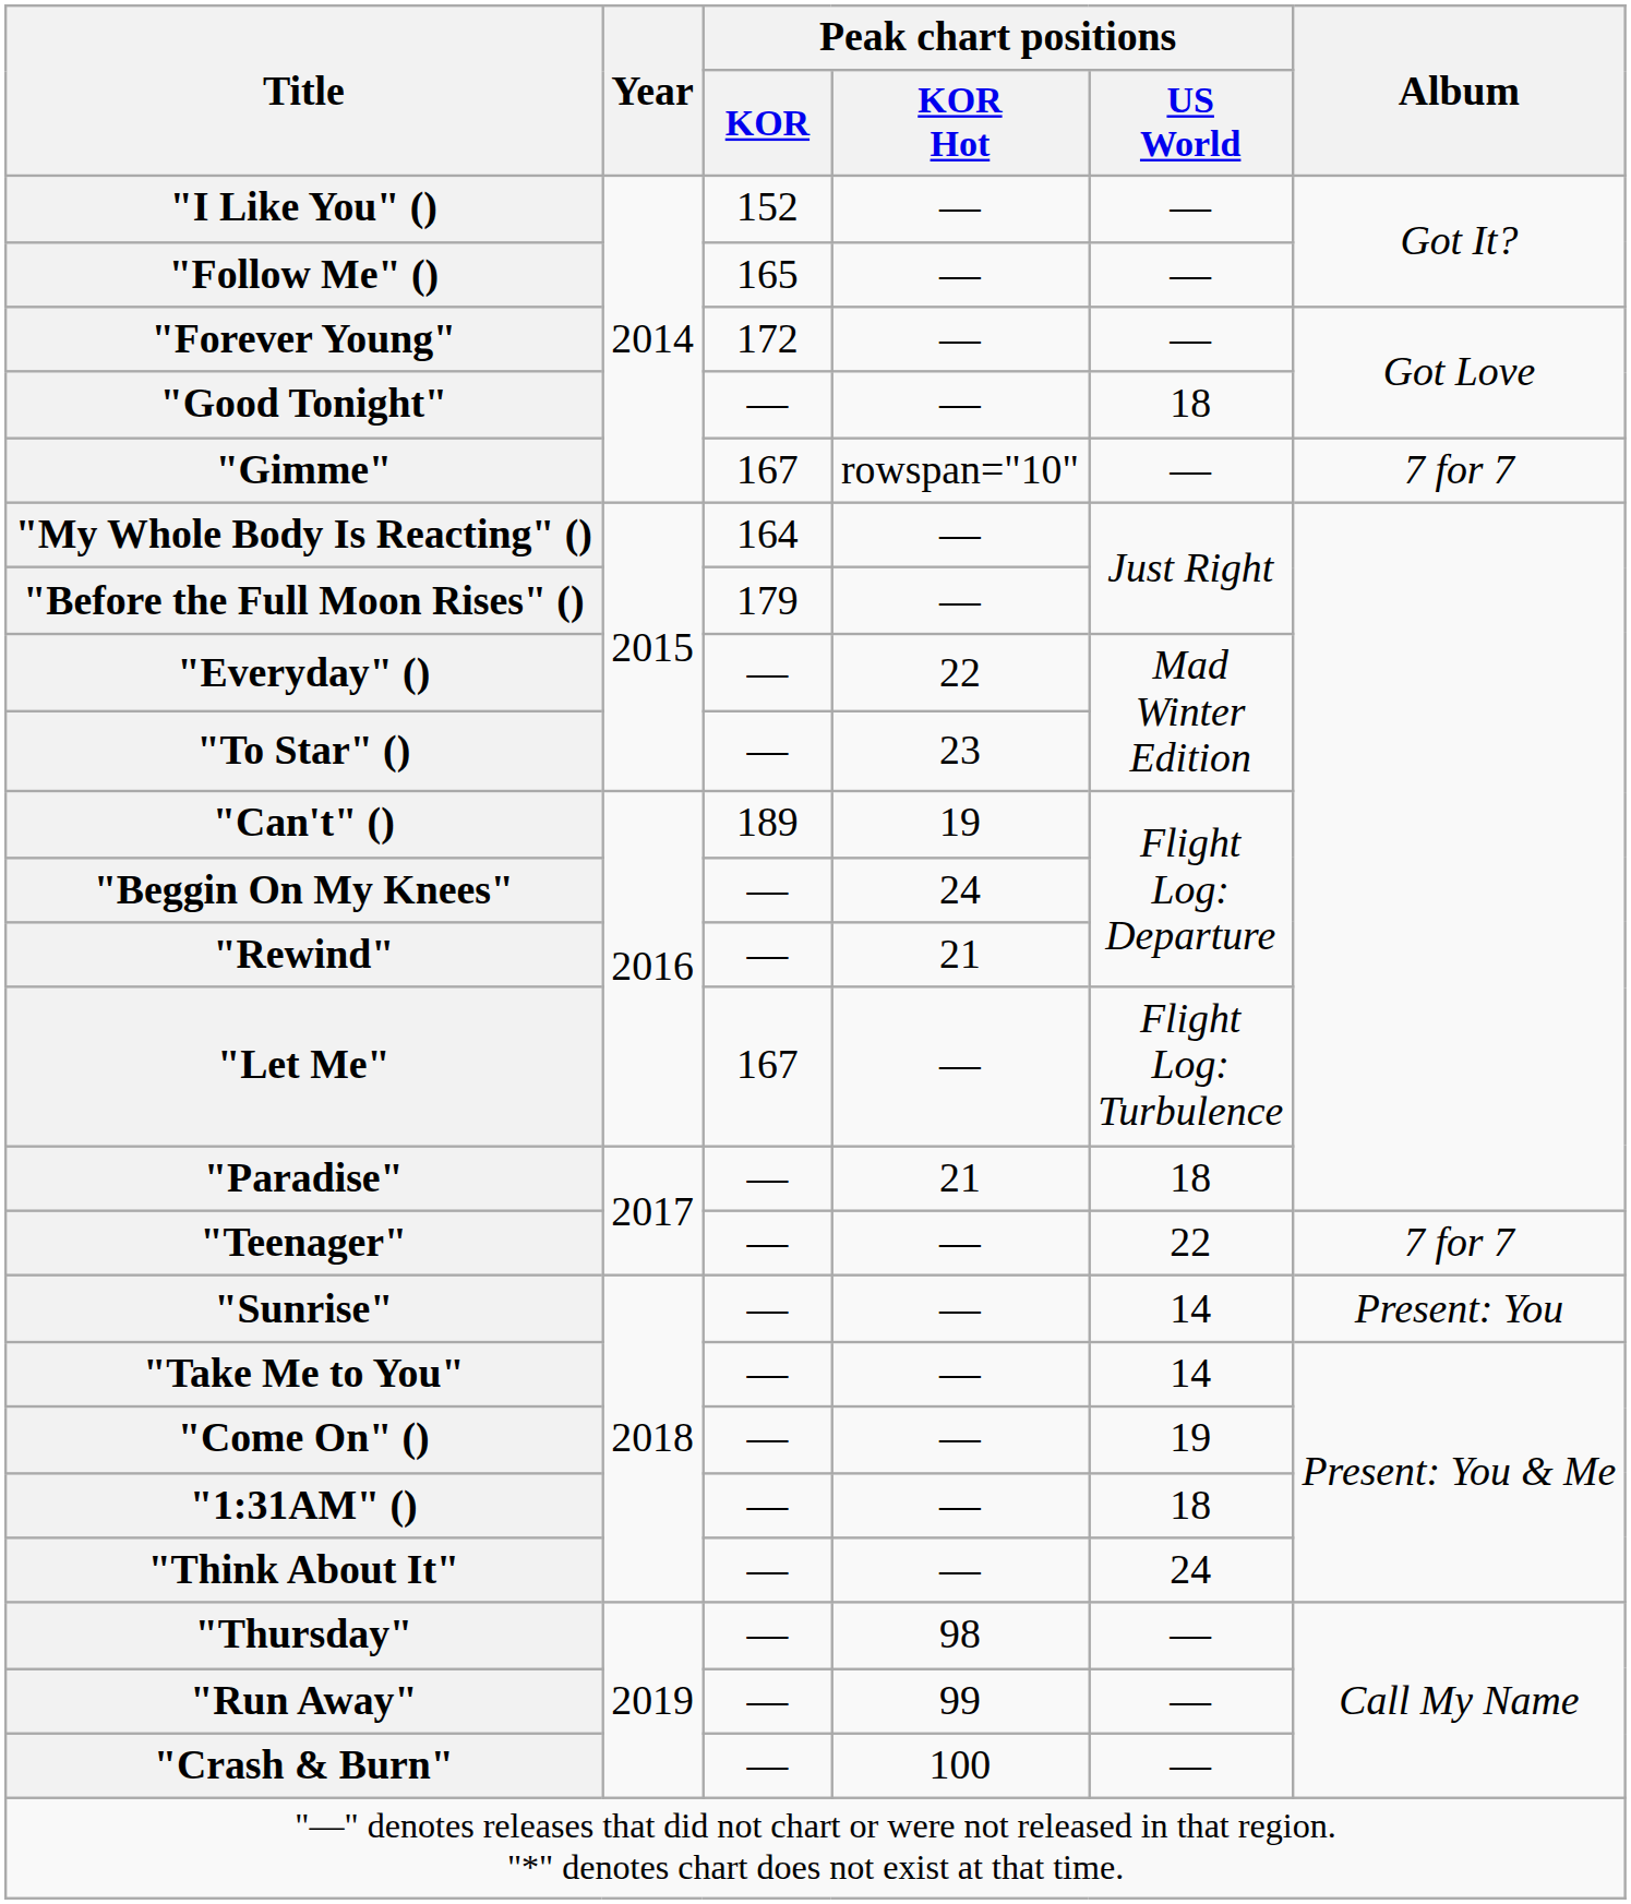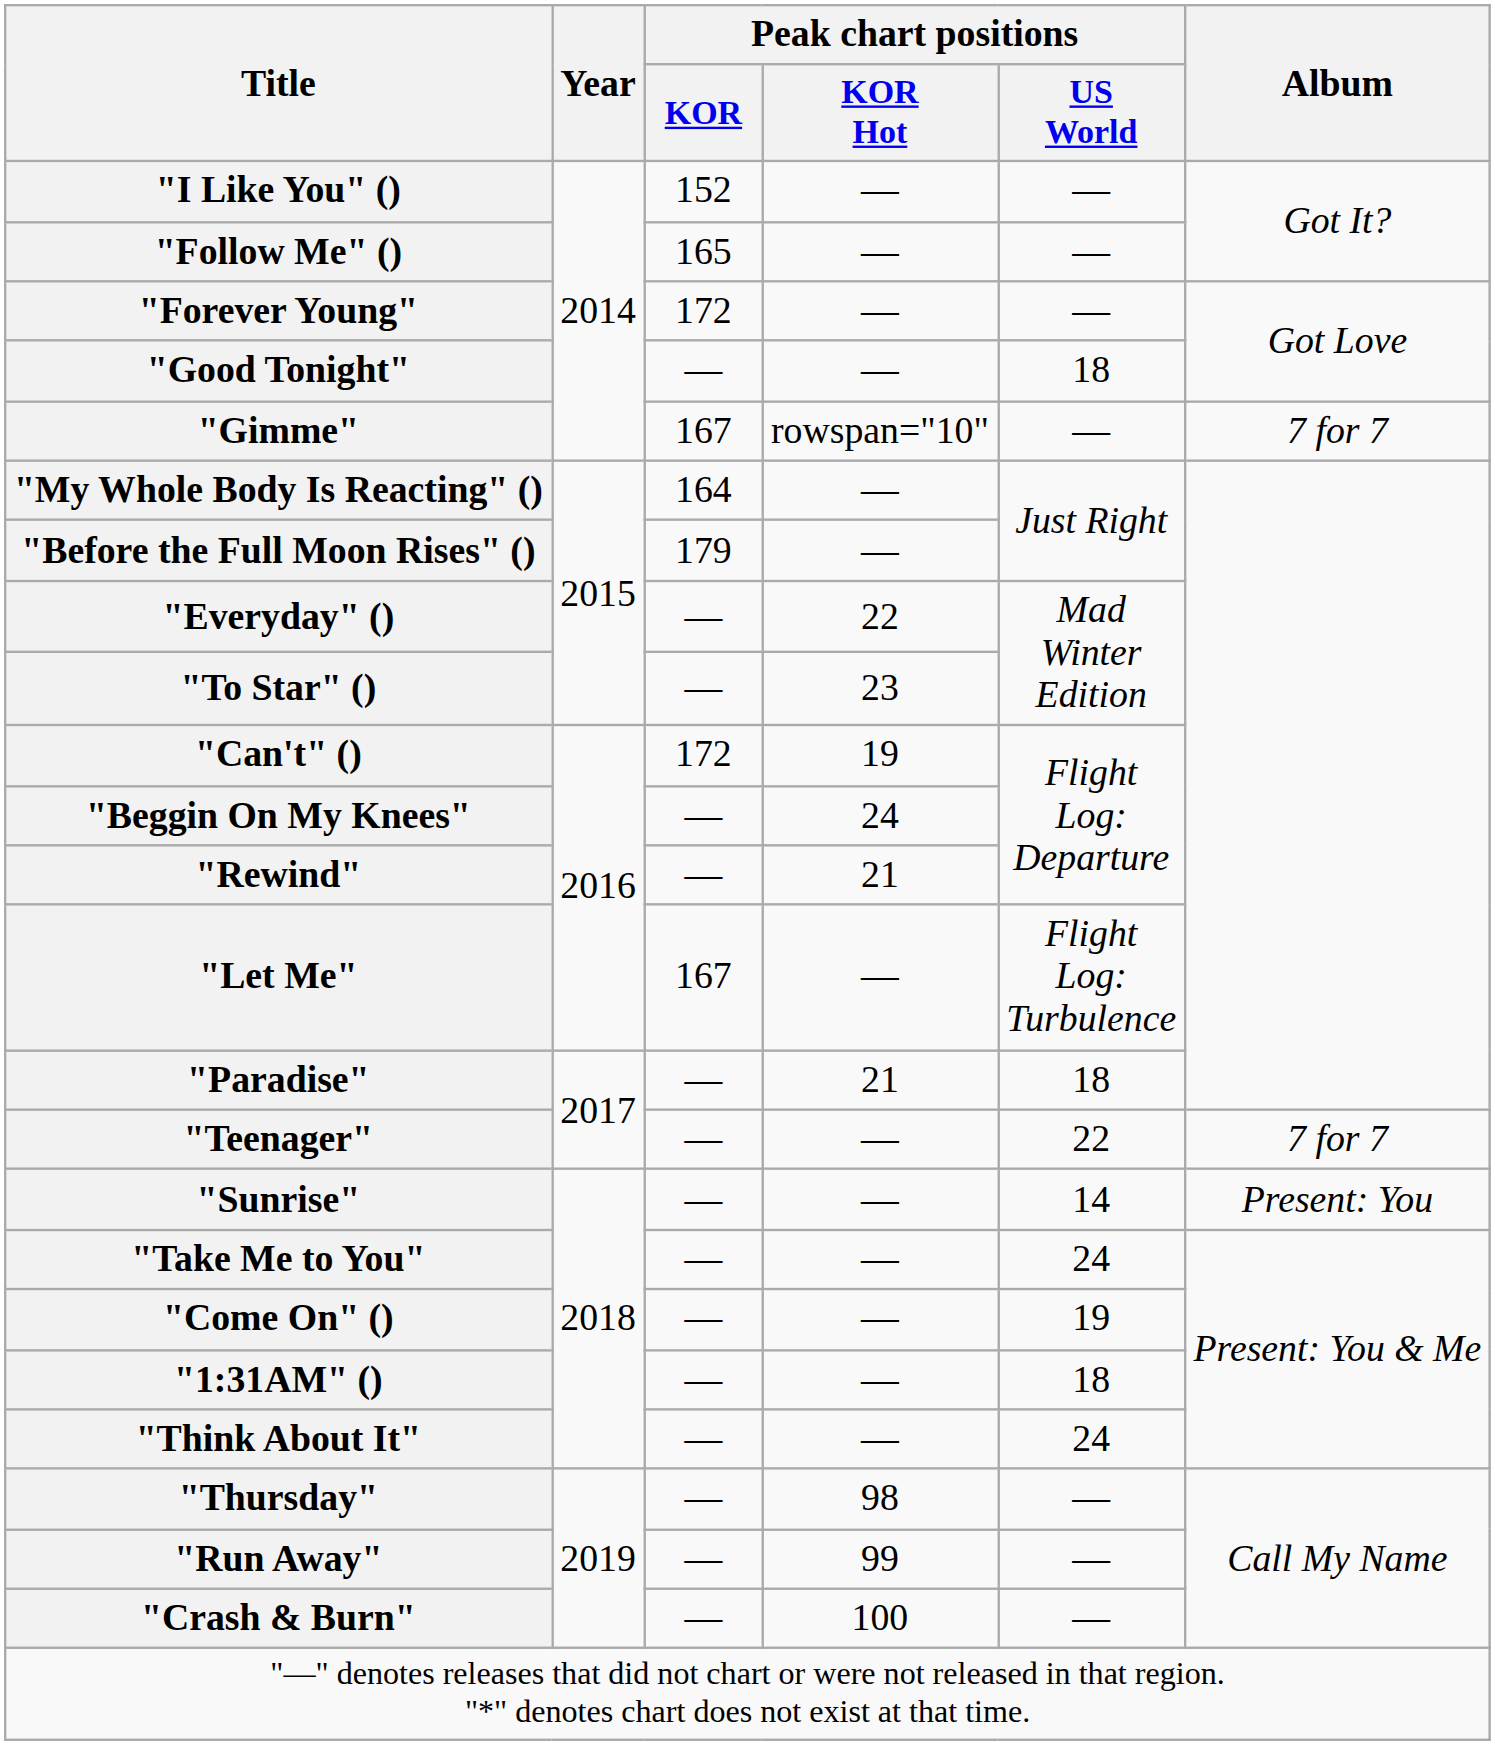 <table class="wikitable plainrowheaders" style="text-align:center">
 <tr>
 <th scope="col" rowspan="2">Title</th>
 <th scope="col" rowspan="2">Year</th>
 <th scope="col" colspan="3">Peak chart positions</th>
 <th scope="col" rowspan="2">Album</th>
 </tr>
 <tr>
 <th scope="col" style="width:3em;font-size:90%"><a href='#'>KOR</a><br></th>
 <th scope="col" style="width:3em;font-size:90%"><a href='#'>KOR<br>Hot</a><br></th>
 <th scope="col" style="width:3em;font-size:90%"><a href='#'>US<br>World</a><br></th>
 </tr>
 <tr>
 <th scope="row">"I Like You" ()</th>
 <td rowspan="5">2014</td>
 <td>152</td>
 <td>—</td>
 <td>—</td>
 <td rowspan="2"><em>Got It?</em></td>
 </tr>
 <tr>
 <th scope="row">"Follow Me" ()</th>
 <td>165</td>
 <td>—</td>
 <td>—</td>
 </tr>
 <tr>
 <th scope="row">"Forever Young"</th>
 <td>172</td>
 <td>—</td>
 <td>—</td>
 <td rowspan="2"><em>Got Love</em></td>
 </tr>
 <tr>
 <th scope="row">"Good Tonight"</th>
 <td>—</td>
 <td>—</td>
 <td>18</td>
 </tr>
 <tr>
 <th scope="row">"Gimme"</th>
 <td>167</td>
 <td>rowspan="10" </td>
 <td>—</td>
 <td><em>7 for 7</em></td>
 </tr>
 <tr>
 <th scope="row">"My Whole Body Is Reacting" ()</th>
 <td rowspan="4">2015</td>
 <td>164</td>
 <td>—</td>
 <td rowspan="2"><em>Just Right</em></td>
 </tr>
 <tr>
 <th scope="row">"Before the Full Moon Rises" ()</th>
 <td>179</td>
 <td>—</td>
 </tr>
 <tr>
 <th scope="row">"Everyday" ()</th>
 <td>—</td>
 <td>22</td>
 <td rowspan="2"><em>Mad Winter Edition</em></td>
 </tr>
 <tr>
 <th scope="row">"To Star" ()</th>
 <td>—</td>
 <td>23</td>
 </tr>
 <tr>
 <th scope="row">"Can't" ()</th>
 <td rowspan="4">2016</td>
-<td>189</td>
+<td>172</td>
 <td>19</td>
 <td rowspan="3"><em>Flight Log: Departure</em></td>
 </tr>
 <tr>
 <th scope="row">"Beggin On My Knees"</th>
 <td>—</td>
 <td>24</td>
 </tr>
 <tr>
 <th scope="row">"Rewind"</th>
 <td>—</td>
 <td>21</td>
 </tr>
 <tr>
 <th scope="row">"Let Me"</th>
 <td>167</td>
 <td>—</td>
 <td><em>Flight Log: Turbulence</em></td>
 </tr>
 <tr>
 <th scope="row">"Paradise"</th>
 <td rowspan="2">2017</td>
 <td>—</td>
 <td>21</td>
 <td>18</td>
 </tr>
 <tr>
 <th scope="row">"Teenager"</th>
 <td>—</td>
 <td>—</td>
 <td>22</td>
 <td><em>7 for 7</em></td>
 </tr>
 <tr>
 <th scope="row">"Sunrise"</th>
 <td rowspan="5">2018</td>
 <td>—</td>
 <td>—</td>
 <td>14</td>
 <td><em>Present: You</em></td>
 </tr>
 <tr>
 <th scope="row">"Take Me to You"</th>
 <td>—</td>
 <td>—</td>
-<td>14</td>
+<td>24</td>
 <td rowspan="4"><em>Present: You & Me</em></td>
 </tr>
 <tr>
 <th scope="row">"Come On" ()</th>
 <td>—</td>
 <td>—</td>
 <td>19</td>
 </tr>
 <tr>
 <th scope="row">"1:31AM" ()</th>
 <td>—</td>
 <td>—</td>
 <td>18</td>
 </tr>
 <tr>
 <th scope="row">"Think About It"</th>
 <td>—</td>
 <td>—</td>
 <td>24</td>
 </tr>
 <tr>
 <th scope="row">"Thursday"</th>
 <td rowspan="3">2019</td>
 <td>—</td>
 <td>98</td>
 <td>—</td>
 <td rowspan="3"><em>Call My Name</em></td>
 </tr>
 <tr>
 <th scope="row">"Run Away"</th>
 <td>—</td>
 <td>99</td>
 <td>—</td>
 </tr>
 <tr>
 <th scope="row">"Crash & Burn"</th>
 <td>—</td>
 <td>100</td>
 <td>—</td>
 </tr>
 <tr>
 <td colspan="6" style="font-size:85%">"—" denotes releases that did not chart or were not released in that region.<br>"*" denotes chart does not exist at that time.</td>
 </tr>
 </table>
